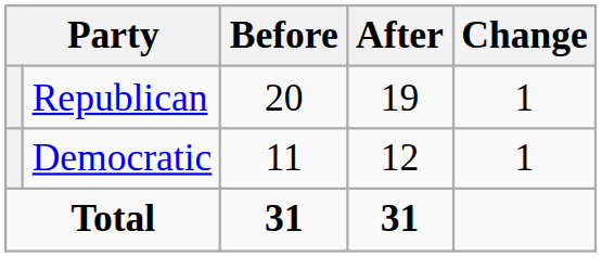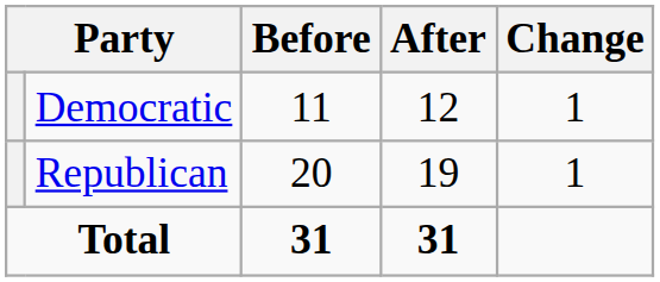 <table class="wikitable" style="text-align:center;">
 <tr>
 <th colspan="2">Party</th>
 <th>Before</th>
 <th>After</th>
 <th>Change</th>
 </tr>
 <tr>
 <th style="background-color:"></th>
-<td style="text-align:left;"><a href='#'>Republican</a></td>
-<td>20</td>
-<td>19</td>
+<td style="text-align:left;"><a href='#'>Democratic</a></td>
+<td>11</td>
+<td>12</td>
 <td> 1</td>
 </tr>
 <tr>
 <th style="background-color:"></th>
-<td style="text-align:left;"><a href='#'>Democratic</a></td>
-<td>11</td>
-<td>12</td>
+<td style="text-align:left;"><a href='#'>Republican</a></td>
+<td>20</td>
+<td>19</td>
 <td> 1</td>
 </tr>
 <tr>
 <td colspan="2"><strong>Total</strong></td>
 <td><strong>31</strong></td>
 <td><strong>31</strong></td>
 <td></td>
 </tr>
 </table>
